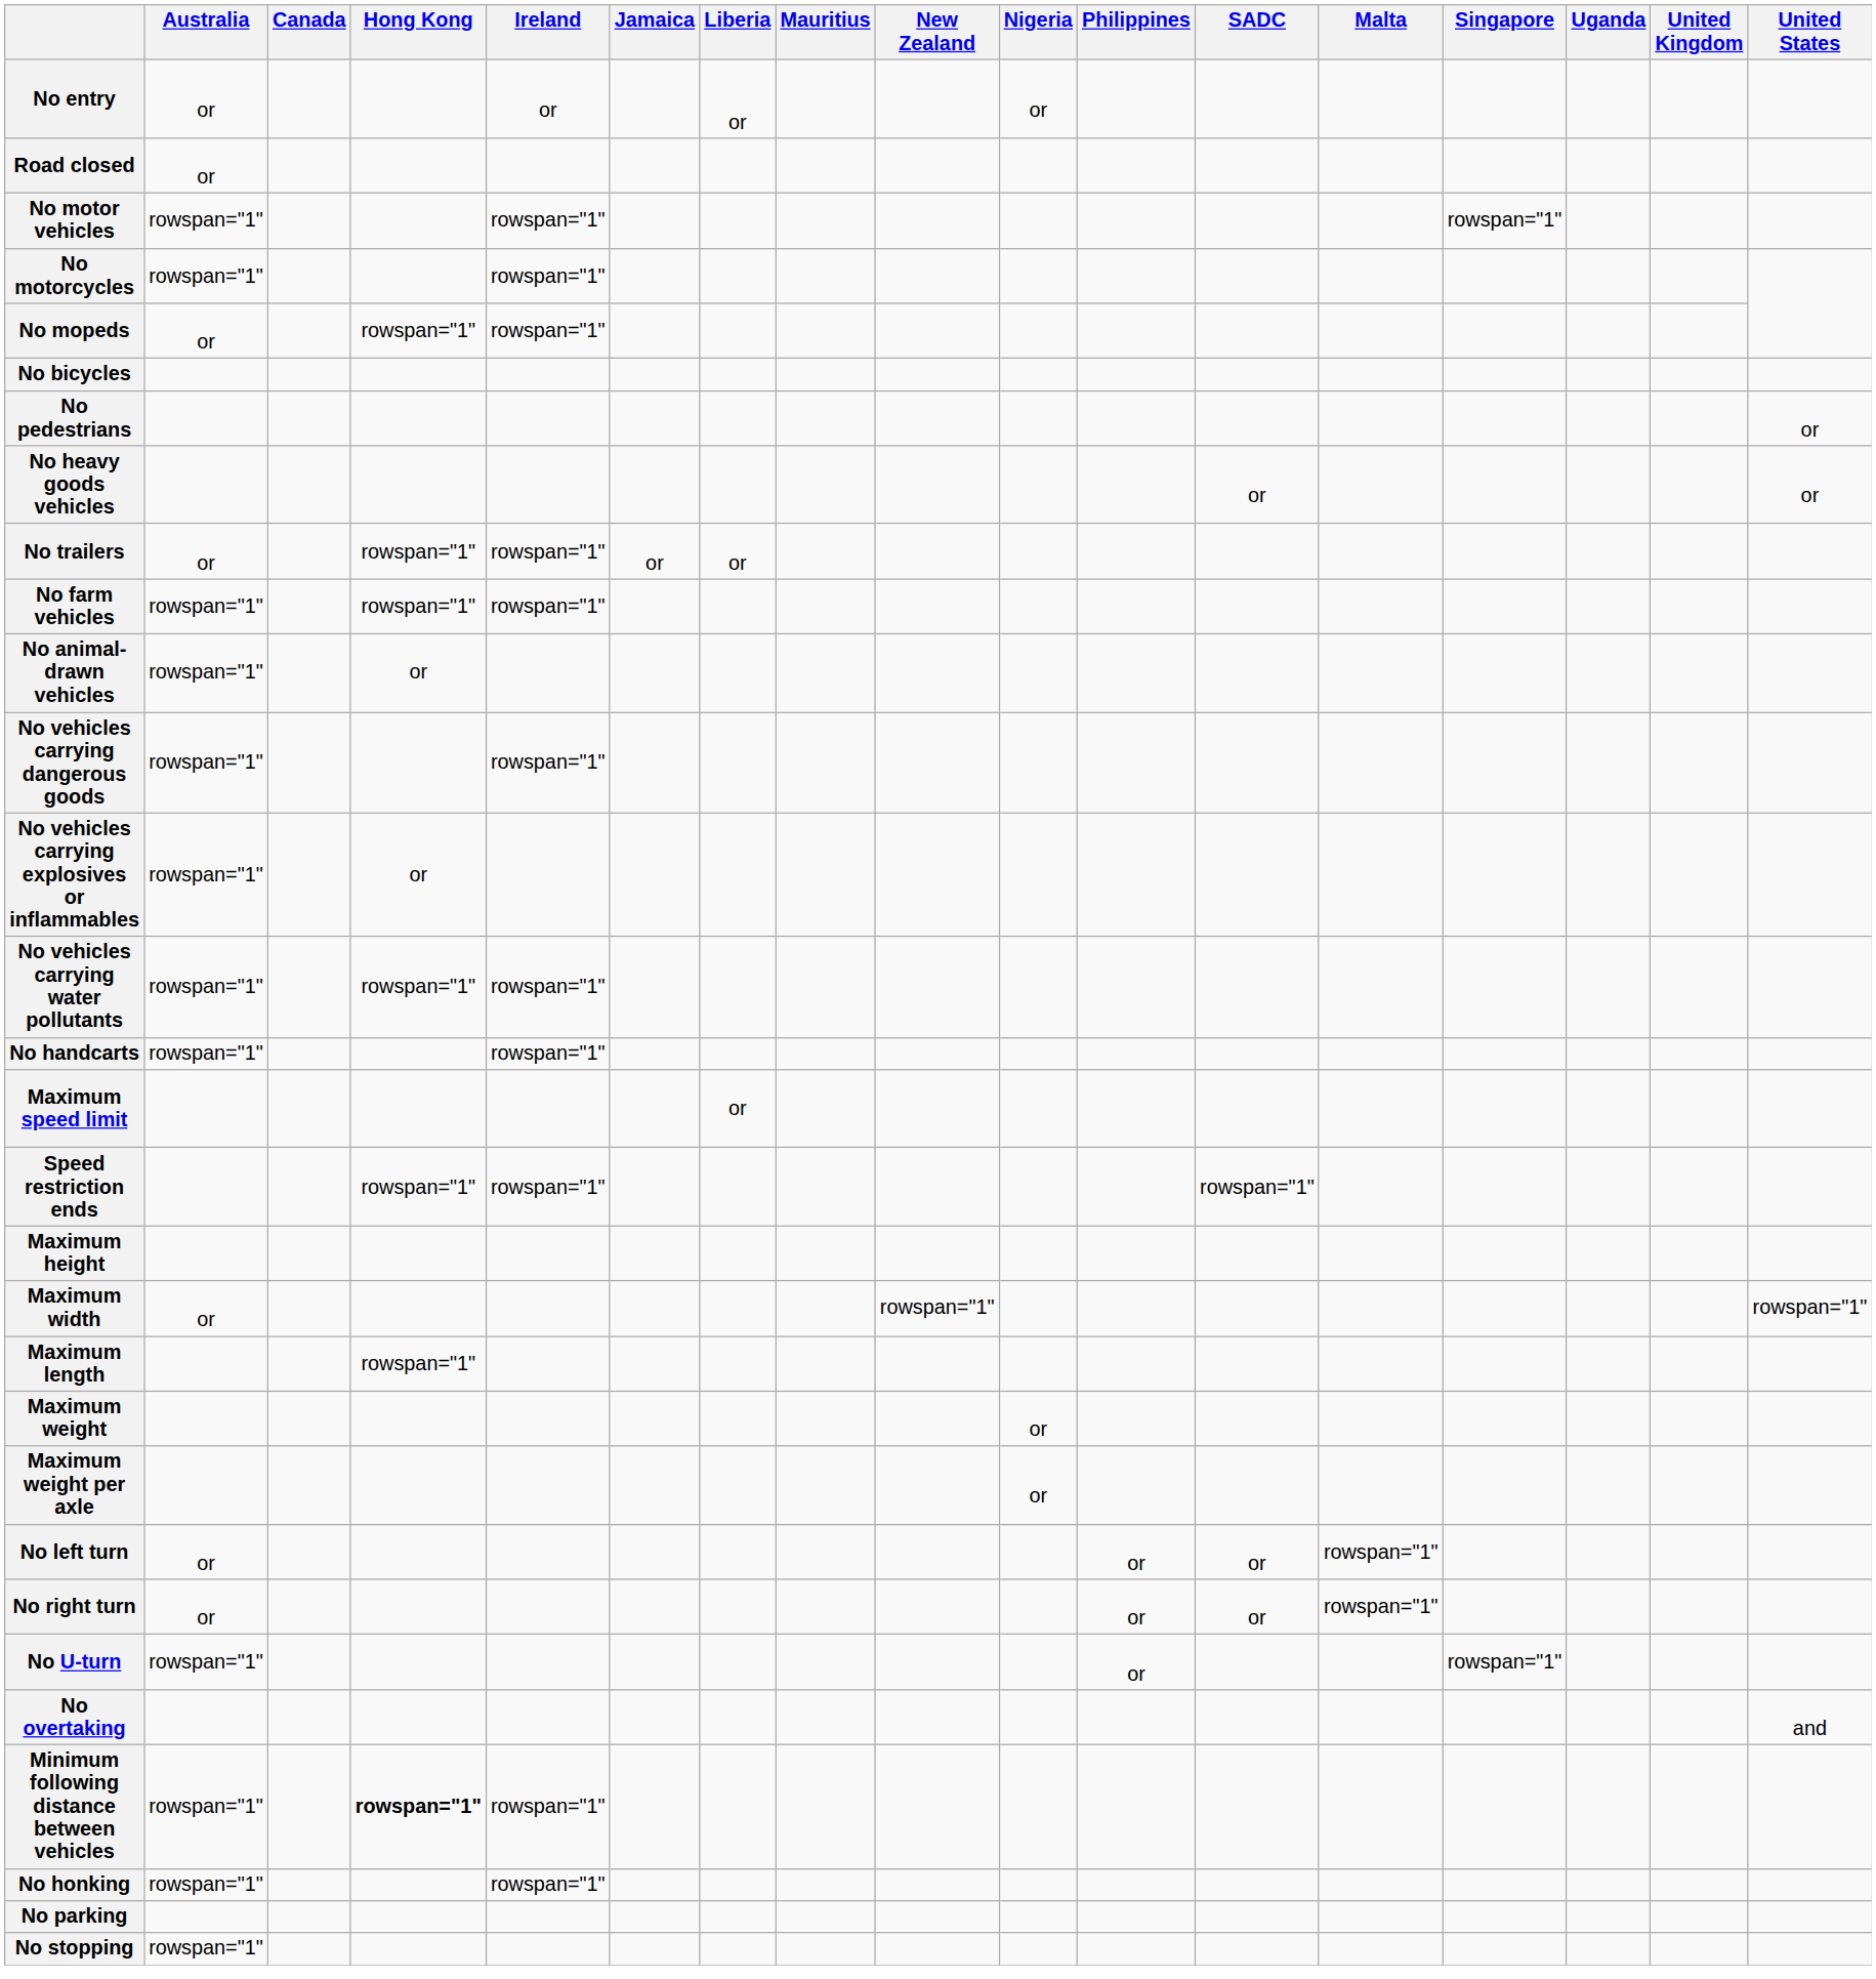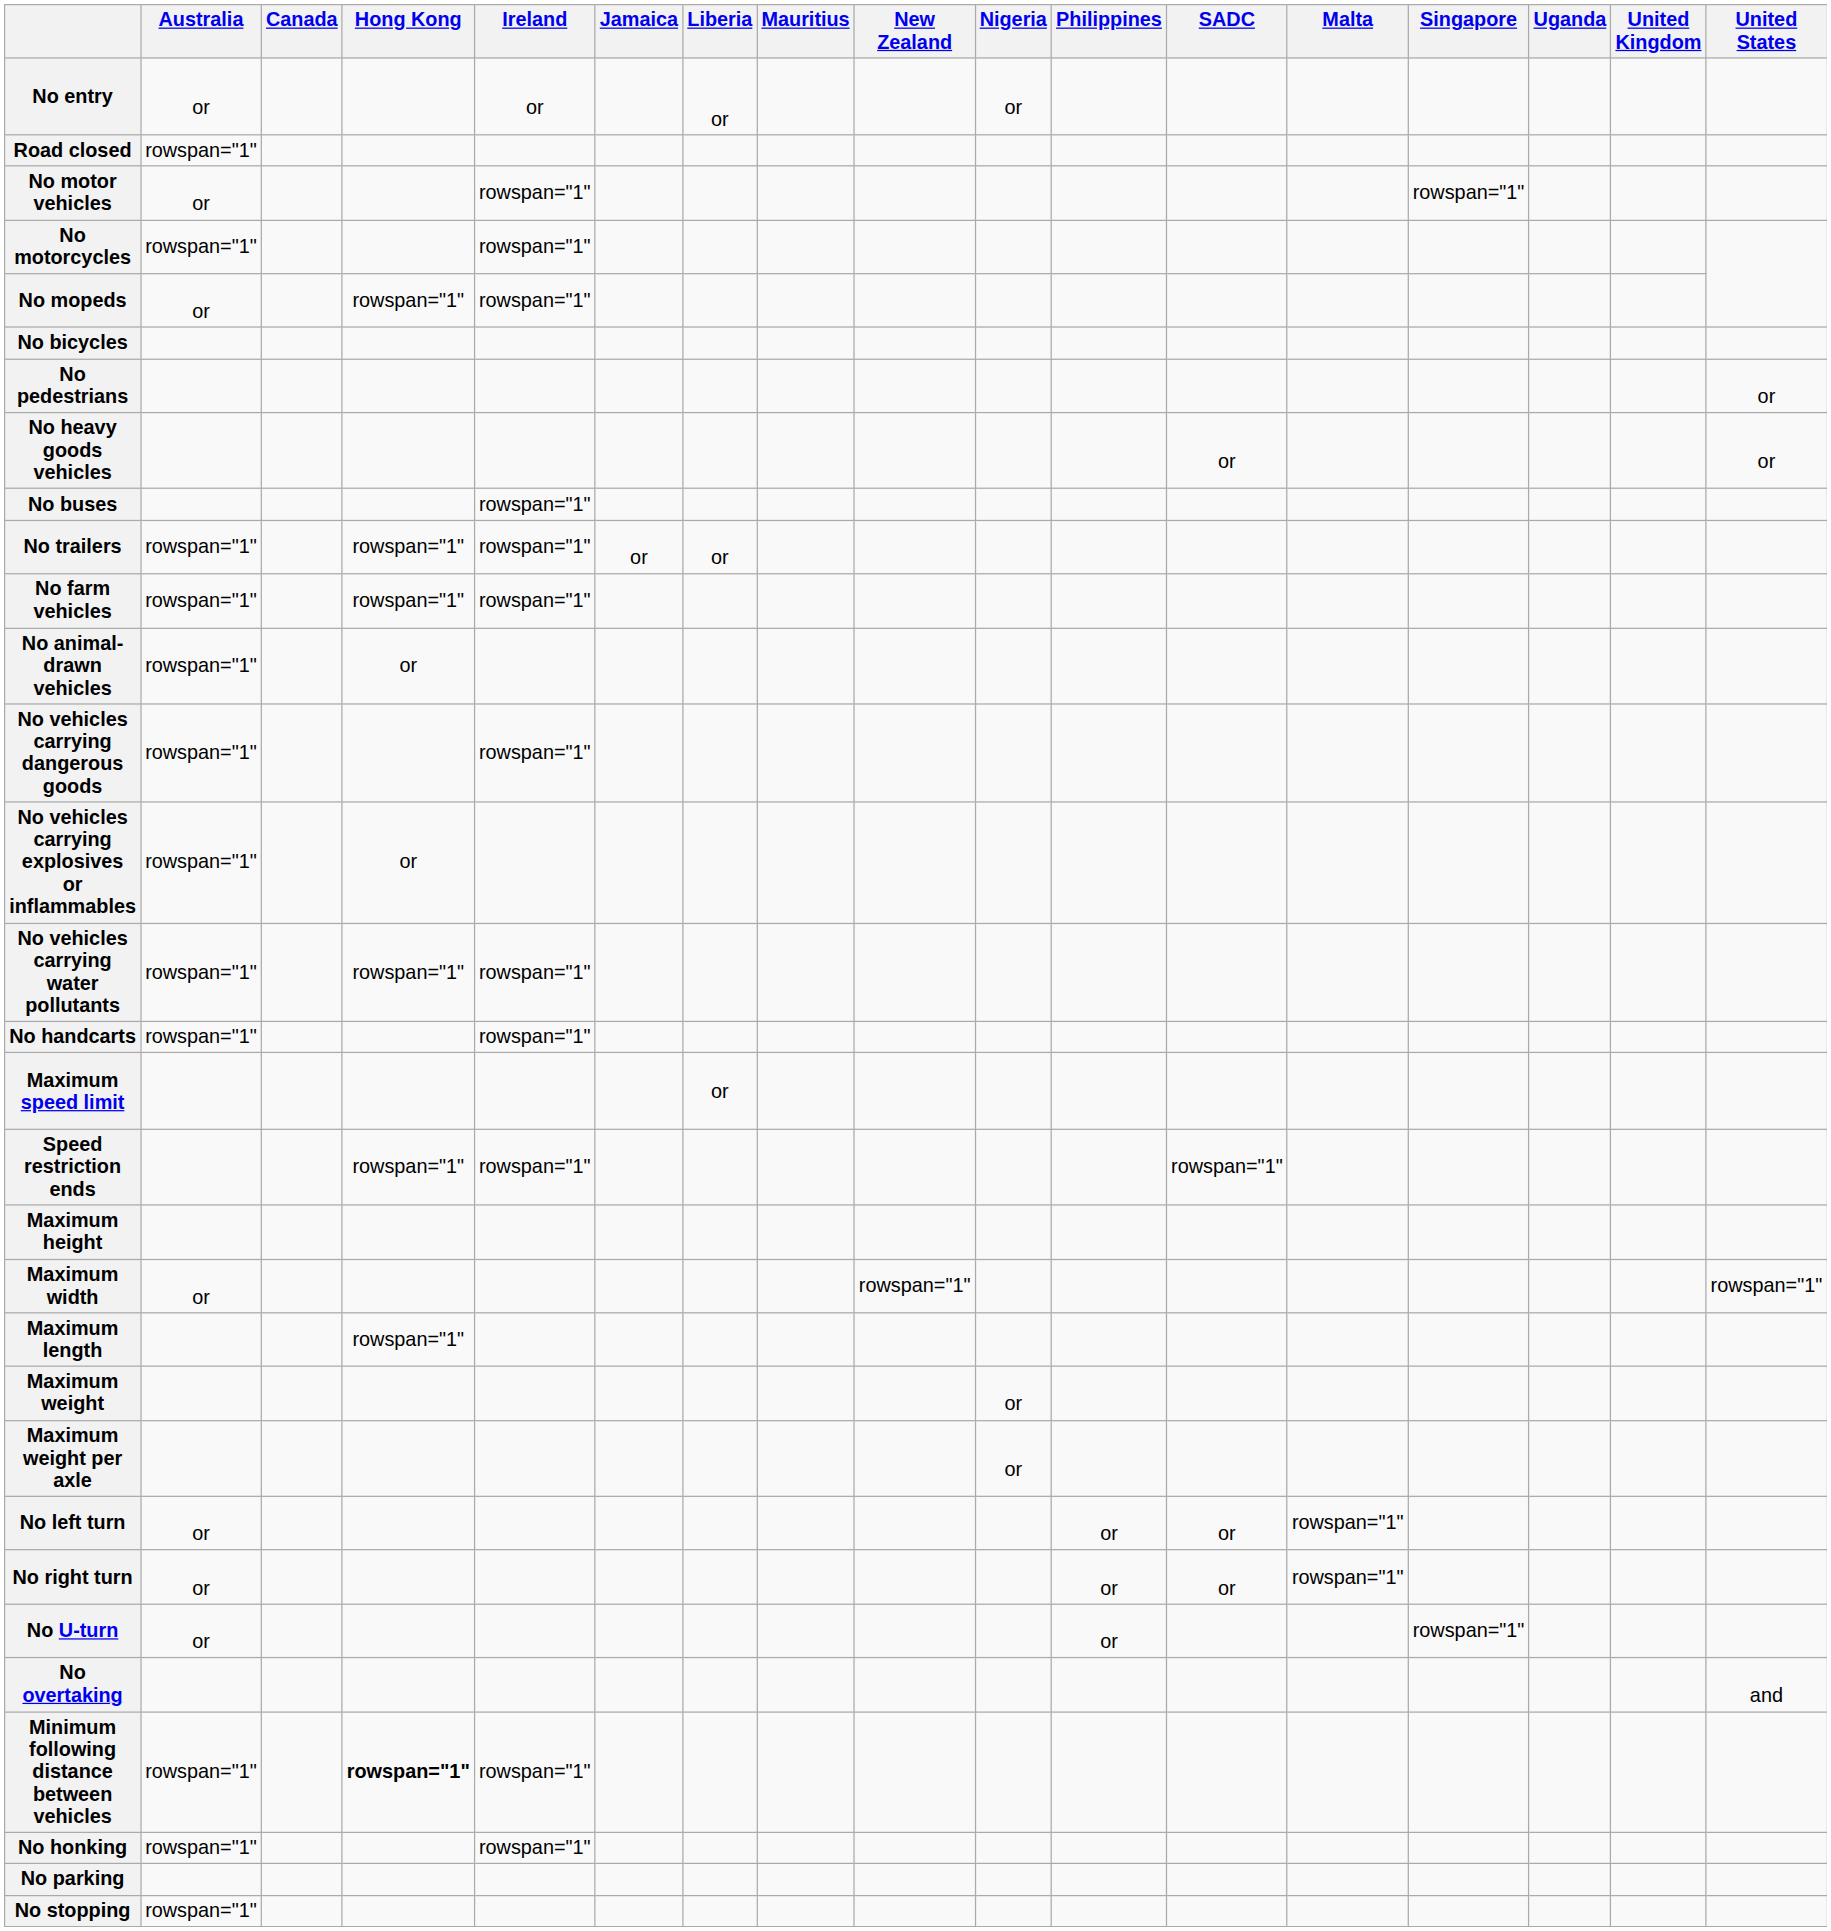 <table class="wikitable" style="text-align: center;">
 <tr>
 <th width="85" style="vertical-align: top;" scope="col"> </th>
 <th width="85" style="vertical-align: top;" scope="col"><a href='#'>Australia</a></th>
 <th width="85" style="vertical-align: top;" scope="col"><a href='#'>Canada</a></th>
 <th width="85" style="vertical-align: top;" scope="col"><a href='#'>Hong Kong</a></th>
 <th width="85" style="vertical-align: top;" scope="col"><a href='#'>Ireland</a></th>
 <th width="85" style="vertical-align: top;" scope="col"><a href='#'>Jamaica</a></th>
 <th width="85" style="vertical-align: top;" scope="col"><a href='#'>Liberia</a></th>
 <th width="85" style="vertical-align: top;" scope="col"><a href='#'>Mauritius</a></th>
 <th width="85" style="vertical-align: top;" scope="col"><a href='#'>New Zealand</a></th>
 <th width="85" style="vertical-align: top;" scope="col"><a href='#'>Nigeria</a></th>
 <th width="85" style="vertical-align: top;" scope="col"><a href='#'>Philippines</a></th>
 <th width="85" style="vertical-align: top;" scope="col"><a href='#'>SADC</a></th>
 <th width="85" style="vertical-align: top;" scope="col"><a href='#'>Malta</a></th>
 <th width="85" style="vertical-align: top;" scope="col"><a href='#'>Singapore</a></th>
 <th width="85" style="vertical-align: top;" scope="col"><a href='#'>Uganda</a></th>
 <th width="85" style="vertical-align: top;" scope="col"><a href='#'>United Kingdom</a></th>
 <th width="85" style="vertical-align: top;" scope="col"><a href='#'>United States</a></th>
 </tr>
 <tr>
 <th>No entry</th>
 <td><br>or<br></td>
 <td></td>
 <td></td>
 <td><br>or<br></td>
 <td></td>
 <td><br><br>or<br></td>
 <td></td>
 <td></td>
 <td><br>or<br></td>
 <td></td>
 <td></td>
 <td></td>
 <td></td>
 <td></td>
 <td></td>
 <td></td>
 </tr>
 <tr>
 <th>Road closed<br></th>
-<td><br>or<br></td>
+<td>rowspan="1" </td>
 <td></td>
 <td></td>
 <td></td>
 <td></td>
 <td></td>
 <td></td>
 <td></td>
 <td></td>
 <td></td>
 <td></td>
 <td></td>
 <td></td>
 <td></td>
 <td><br></td>
 <td></td>
 </tr>
 <tr>
 <th>No motor vehicles</th>
-<td>rowspan="1" </td>
+<td><br>or<br></td>
 <td></td>
 <td></td>
 <td>rowspan="1" </td>
 <td></td>
 <td></td>
 <td></td>
 <td></td>
 <td></td>
 <td></td>
 <td></td>
 <td></td>
 <td>rowspan="1" </td>
 <td></td>
 <td></td>
 <td></td>
 </tr>
 <tr>
 <th>No motorcycles</th>
 <td>rowspan="1" </td>
 <td></td>
 <td></td>
 <td>rowspan="1" </td>
 <td></td>
 <td></td>
 <td></td>
 <td></td>
 <td></td>
 <td></td>
 <td></td>
 <td></td>
 <td></td>
 <td></td>
 <td></td>
 <td rowspan="2"></td>
 </tr>
 <tr>
 <th>No mopeds</th>
 <td><br>or<br></td>
 <td></td>
 <td>rowspan="1" </td>
 <td>rowspan="1" </td>
 <td></td>
 <td></td>
 <td></td>
 <td></td>
 <td></td>
 <td></td>
 <td></td>
 <td></td>
 <td></td>
 <td></td>
 <td></td>
 </tr>
 <tr>
 <th>No bicycles</th>
 <td></td>
 <td></td>
 <td></td>
 <td></td>
 <td></td>
 <td></td>
 <td></td>
 <td></td>
 <td></td>
 <td></td>
 <td></td>
 <td></td>
 <td></td>
 <td></td>
 <td></td>
 <td></td>
 </tr>
 <tr>
 <th>No pedestrians</th>
 <td></td>
 <td></td>
 <td></td>
 <td></td>
 <td></td>
 <td></td>
 <td></td>
 <td></td>
 <td></td>
 <td></td>
 <td></td>
 <td></td>
 <td></td>
 <td></td>
 <td></td>
 <td><br>or<br></td>
 </tr>
 <tr>
 <th>No heavy goods vehicles</th>
 <td></td>
 <td></td>
 <td></td>
 <td></td>
 <td></td>
 <td></td>
 <td></td>
 <td></td>
 <td></td>
 <td></td>
 <td><br>or<br></td>
 <td></td>
 <td></td>
 <td></td>
 <td></td>
 <td><br>or<br></td>
 </tr>
 <tr>
+<th>No buses</th>
+<td></td>
+<td></td>
+<td></td>
+<td>rowspan="1" </td>
+<td></td>
+<td></td>
+<td></td>
+<td></td>
+<td></td>
+<td></td>
+<td></td>
+<td></td>
+<td></td>
+<td></td>
+<td></td>
+<td></td>
+</tr>
+<tr>
 <th>No trailers</th>
-<td><br>or<br></td>
+<td>rowspan="1" </td>
 <td></td>
 <td>rowspan="1" </td>
 <td>rowspan="1" </td>
 <td><br>or<br></td>
 <td><br>or<br></td>
 <td></td>
 <td></td>
 <td></td>
 <td></td>
 <td></td>
 <td></td>
 <td></td>
 <td></td>
 <td></td>
 <td></td>
 </tr>
 <tr>
 <th>No farm vehicles</th>
 <td>rowspan="1" </td>
 <td></td>
 <td>rowspan="1" </td>
 <td>rowspan="1" </td>
 <td></td>
 <td></td>
 <td></td>
 <td></td>
 <td></td>
 <td></td>
 <td></td>
 <td></td>
 <td></td>
 <td></td>
 <td></td>
 <td></td>
 </tr>
 <tr>
 <th>No animal-drawn vehicles</th>
 <td>rowspan="1" </td>
 <td></td>
 <td><br>or<br><br></td>
 <td></td>
 <td></td>
 <td></td>
 <td></td>
 <td></td>
 <td></td>
 <td></td>
 <td></td>
 <td></td>
 <td></td>
 <td></td>
 <td></td>
 <td></td>
 </tr>
 <tr>
 <th>No vehicles carrying dangerous goods</th>
 <td>rowspan="1" </td>
 <td></td>
 <td></td>
 <td>rowspan="1" </td>
 <td></td>
 <td></td>
 <td></td>
 <td></td>
 <td></td>
 <td></td>
 <td></td>
 <td></td>
 <td></td>
 <td></td>
 <td></td>
 <td></td>
 </tr>
 <tr>
 <th>No vehicles carrying explosives or inflammables</th>
 <td>rowspan="1" </td>
 <td></td>
 <td><br>or<br><br></td>
 <td></td>
 <td></td>
 <td></td>
 <td></td>
 <td></td>
 <td></td>
 <td></td>
 <td></td>
 <td></td>
 <td></td>
 <td></td>
 <td><br></td>
 <td></td>
 </tr>
 <tr>
 <th>No vehicles carrying water pollutants</th>
 <td>rowspan="1" </td>
 <td></td>
 <td>rowspan="1" </td>
 <td>rowspan="1" </td>
 <td></td>
 <td></td>
 <td></td>
 <td></td>
 <td></td>
 <td></td>
 <td></td>
 <td></td>
 <td></td>
 <td></td>
 <td></td>
 <td></td>
 </tr>
 <tr>
 <th>No handcarts</th>
 <td>rowspan="1" </td>
 <td></td>
 <td></td>
 <td>rowspan="1" </td>
 <td></td>
 <td></td>
 <td></td>
 <td></td>
 <td></td>
 <td></td>
 <td></td>
 <td></td>
 <td></td>
 <td></td>
 <td></td>
 <td></td>
 </tr>
 <tr>
 <th>Maximum <a href='#'>speed limit</a></th>
 <td></td>
 <td></td>
 <td></td>
 <td></td>
 <td></td>
 <td><br>or<br><br></td>
 <td></td>
 <td></td>
 <td></td>
 <td></td>
 <td></td>
 <td></td>
 <td></td>
 <td></td>
 <td></td>
 <td></td>
 </tr>
 <tr>
 <th>Speed restriction ends</th>
 <td></td>
 <td></td>
 <td>rowspan="1" </td>
 <td>rowspan="1" </td>
 <td></td>
 <td></td>
 <td></td>
 <td></td>
 <td></td>
 <td></td>
 <td>rowspan="1"</td>
 <td></td>
 <td></td>
 <td></td>
 <td></td>
 <td></td>
 </tr>
 <tr>
 <th>Maximum height</th>
 <td></td>
 <td></td>
 <td></td>
 <td></td>
 <td></td>
 <td></td>
 <td></td>
 <td></td>
 <td></td>
 <td></td>
 <td></td>
 <td></td>
 <td></td>
 <td></td>
 <td></td>
 <td></td>
 </tr>
 <tr>
 <th>Maximum width</th>
 <td><br>or<br></td>
 <td></td>
 <td></td>
 <td></td>
 <td></td>
 <td></td>
 <td></td>
 <td>rowspan="1" </td>
 <td></td>
 <td></td>
 <td></td>
 <td></td>
 <td></td>
 <td></td>
 <td></td>
 <td>rowspan="1" </td>
 </tr>
 <tr>
 <th>Maximum length</th>
 <td></td>
 <td></td>
 <td>rowspan="1" </td>
 <td></td>
 <td></td>
 <td></td>
 <td></td>
 <td></td>
 <td></td>
 <td></td>
 <td></td>
 <td></td>
 <td></td>
 <td></td>
 <td></td>
 <td></td>
 </tr>
 <tr>
 <th>Maximum weight</th>
 <td></td>
 <td></td>
 <td></td>
 <td></td>
 <td></td>
 <td></td>
 <td></td>
 <td></td>
 <td><br>or<br></td>
 <td></td>
 <td></td>
 <td></td>
 <td></td>
 <td></td>
 <td></td>
 <td></td>
 </tr>
 <tr>
 <th>Maximum weight per axle</th>
 <td></td>
 <td></td>
 <td></td>
 <td></td>
 <td></td>
 <td></td>
 <td></td>
 <td></td>
 <td><br>or<br></td>
 <td></td>
 <td></td>
 <td></td>
 <td></td>
 <td></td>
 <td></td>
 <td></td>
 </tr>
 <tr>
 <th>No left turn</th>
 <td><br>or<br></td>
 <td></td>
 <td></td>
 <td></td>
 <td></td>
 <td></td>
 <td></td>
 <td></td>
 <td></td>
 <td><br>or<br></td>
 <td><br>or<br></td>
 <td>rowspan="1" </td>
 <td></td>
 <td></td>
 <td></td>
 <td></td>
 </tr>
 <tr>
 <th>No right turn</th>
 <td><br>or<br></td>
 <td></td>
 <td></td>
 <td></td>
 <td></td>
 <td></td>
 <td></td>
 <td></td>
 <td></td>
 <td><br>or<br></td>
 <td><br>or<br></td>
 <td>rowspan="1" </td>
 <td></td>
 <td></td>
 <td></td>
 <td></td>
 </tr>
 <tr>
 <th>No <a href='#'>U-turn</a></th>
-<td>rowspan="1" </td>
+<td><br>or<br></td>
 <td></td>
 <td></td>
 <td></td>
 <td></td>
 <td><br></td>
 <td></td>
 <td></td>
 <td></td>
 <td><br>or<br></td>
 <td></td>
 <td></td>
 <td>rowspan="1" <br></td>
 <td></td>
 <td></td>
 <td></td>
 </tr>
 <tr>
 <th>No <a href='#'>overtaking</a></th>
 <td></td>
 <td></td>
 <td></td>
 <td></td>
 <td></td>
 <td></td>
 <td></td>
 <td></td>
 <td></td>
 <td></td>
 <td></td>
 <td></td>
 <td></td>
 <td></td>
 <td></td>
 <td><br>and<br></td>
 </tr>
 <tr>
 <th>Minimum following distance between vehicles</th>
 <td>rowspan="1" </td>
 <td></td>
 <td><strong>rowspan="1" </strong></td>
 <td>rowspan="1" </td>
 <td></td>
 <td></td>
 <td></td>
 <td></td>
 <td></td>
 <td></td>
 <td></td>
 <td></td>
 <td></td>
 <td></td>
 <td></td>
 <td></td>
 </tr>
 <tr>
 <th>No honking</th>
 <td>rowspan="1" </td>
 <td></td>
 <td></td>
 <td>rowspan="1" </td>
 <td></td>
 <td></td>
 <td></td>
 <td></td>
 <td></td>
 <td></td>
 <td></td>
 <td></td>
 <td></td>
 <td></td>
 <td></td>
 <td></td>
 </tr>
 <tr>
 <th>No parking</th>
 <td></td>
 <td></td>
 <td></td>
 <td></td>
 <td></td>
 <td></td>
 <td></td>
 <td></td>
 <td></td>
 <td></td>
 <td></td>
 <td></td>
 <td></td>
 <td></td>
 <td></td>
 <td></td>
 </tr>
 <tr>
 <th>No stopping</th>
 <td>rowspan="1" </td>
 <td></td>
 <td></td>
 <td></td>
 <td></td>
 <td></td>
 <td></td>
 <td></td>
 <td></td>
 <td></td>
 <td></td>
 <td></td>
 <td></td>
 <td></td>
 <td></td>
 <td></td>
 </tr>
 </table>
